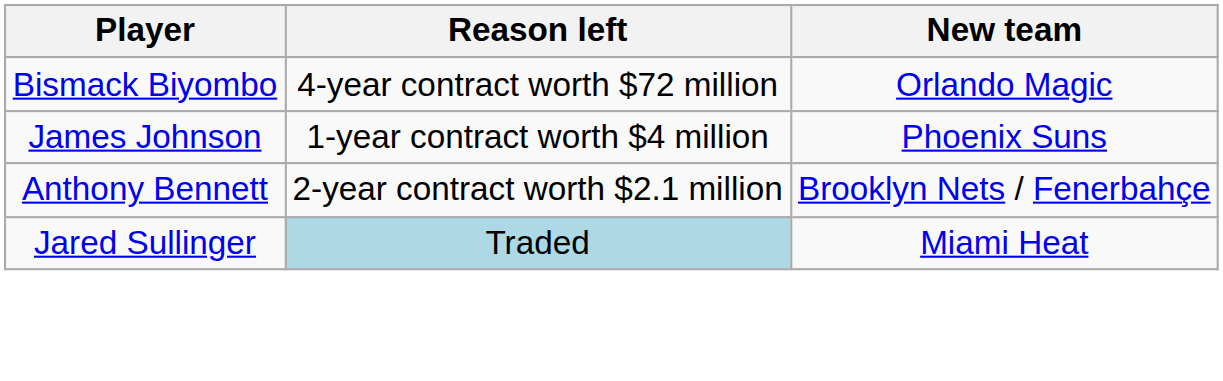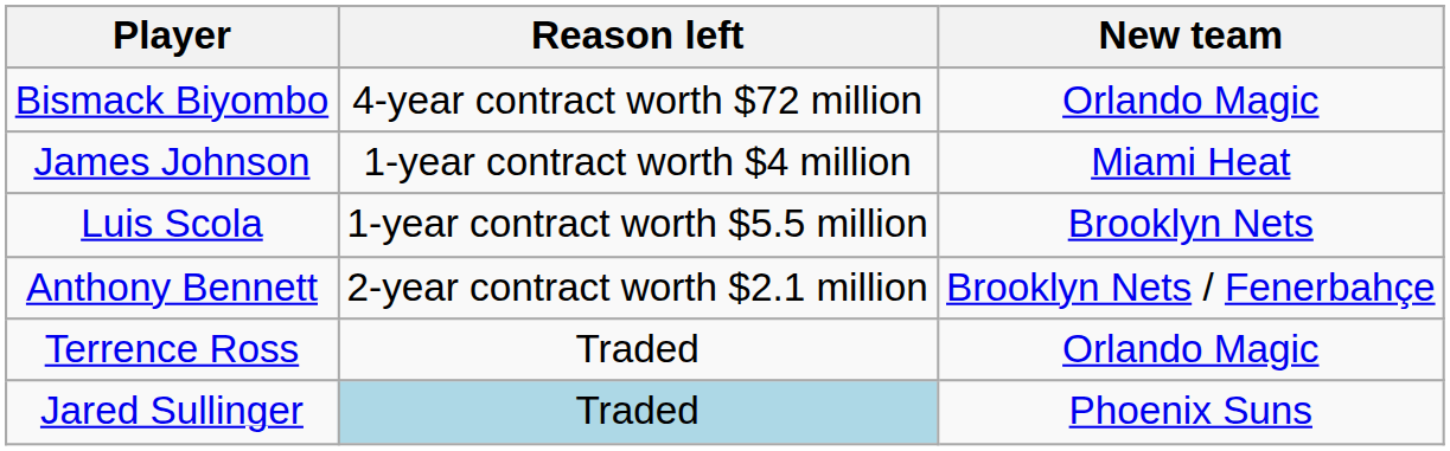 <table class="wikitable sortable sortable" style="text-align: center">
 <tr>
 <th>Player</th>
 <th>Reason left</th>
 <th>New team</th>
 </tr>
 <tr style="text-align: center">
 <td><a href='#'>Bismack Biyombo</a></td>
 <td>4-year contract worth $72 million</td>
 <td><a href='#'>Orlando Magic</a></td>
 </tr>
 <tr style="text-align: center">
 <td><a href='#'>James Johnson</a></td>
 <td>1-year contract worth $4 million</td>
-<td><a href='#'>Phoenix Suns</a></td>
+<td><a href='#'>Miami Heat</a></td>
+</tr>
+<tr style="text-align: center">
+<td><a href='#'>Luis Scola</a></td>
+<td>1-year contract worth $5.5 million</td>
+<td><a href='#'>Brooklyn Nets</a></td>
 </tr>
 <tr style="text-align: center">
 <td><a href='#'>Anthony Bennett</a></td>
 <td>2-year contract worth $2.1 million</td>
 <td><a href='#'>Brooklyn Nets</a> /  <a href='#'><span>Fenerbahçe</span></a></td>
 </tr>
 <tr style="text-align: center">
+<td><a href='#'>Terrence Ross</a></td>
+<td>Traded</td>
+<td><a href='#'>Orlando Magic</a></td>
+</tr>
+<tr style="text-align: center">
 <td><a href='#'>Jared Sullinger</a></td>
 <td style="background: lightblue;">Traded</td>
-<td><a href='#'>Miami Heat</a></td>
+<td><a href='#'>Phoenix Suns</a></td>
 </tr>
 </table>
